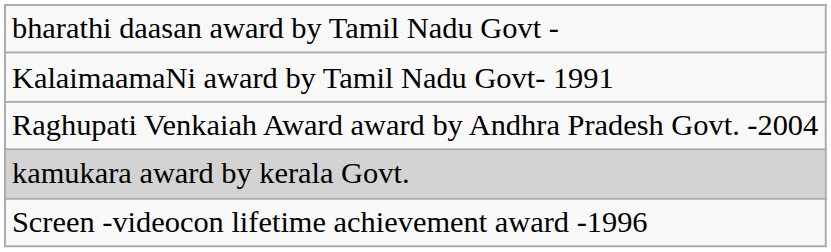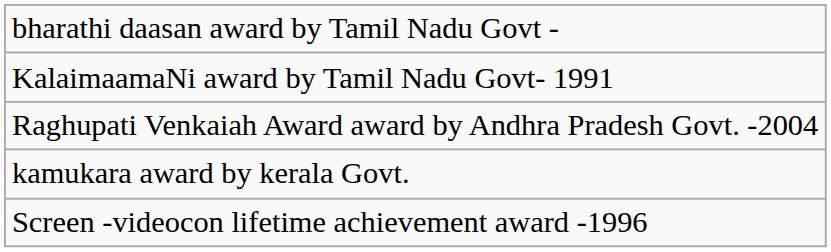 <table class="wikitable">
 <tr>
 <td>bharathi daasan award by Tamil Nadu Govt -</td>
 </tr>
 <tr>
 <td>KalaimaamaNi award by Tamil Nadu Govt- 1991</td>
 </tr>
 <tr>
 <td>Raghupati Venkaiah Award award by Andhra Pradesh Govt. -2004</td>
 </tr>
 <tr>
-<td style="background: lightgrey;">kamukara award by kerala Govt.</td>
+<td>kamukara award by kerala Govt.</td>
 </tr>
 <tr>
 <td>Screen -videocon lifetime achievement award -1996</td>
 </tr>
 </table>
